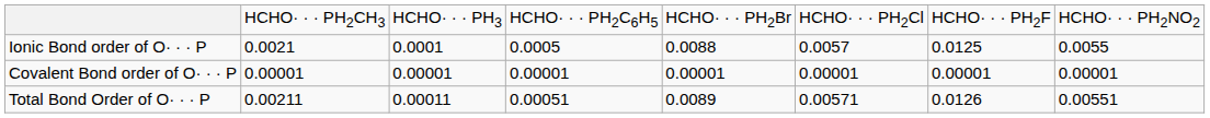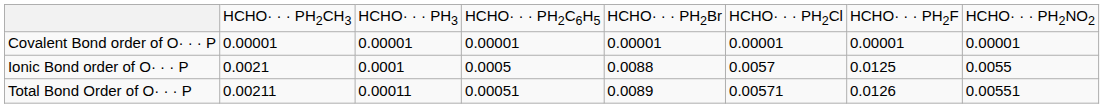 <table class="wikitable mw-collapsible">
 <tr>
 <th></th>
 <td>HCHO· · · PH<sub>2</sub>CH<sub>3</sub></td>
 <td>HCHO· · · PH<sub>3</sub></td>
 <td>HCHO· · ·  PH<sub>2</sub>C<sub>6</sub>H<sub>5</sub></td>
 <td>HCHO· · ·  PH<sub>2</sub>Br</td>
 <td>HCHO· · ·  PH<sub>2</sub>Cl</td>
 <td>HCHO· · ·  PH<sub>2</sub>F</td>
 <td>HCHO· · ·  PH<sub>2</sub>NO<sub>2</sub></td>
 </tr>
 <tr>
+<td>Covalent Bond order of O· · · P</td>
+<td>0.00001</td>
+<td>0.00001</td>
+<td>0.00001</td>
+<td>0.00001</td>
+<td>0.00001</td>
+<td>0.00001</td>
+<td>0.00001</td>
+</tr>
+<tr>
 <td>Ionic Bond order of O· · · P</td>
 <td>0.0021</td>
 <td>0.0001</td>
 <td>0.0005</td>
 <td>0.0088</td>
 <td>0.0057</td>
 <td>0.0125</td>
 <td>0.0055</td>
-</tr>
-<tr>
-<td>Covalent Bond order of O· · · P</td>
-<td>0.00001</td>
-<td>0.00001</td>
-<td>0.00001</td>
-<td>0.00001</td>
-<td>0.00001</td>
-<td>0.00001</td>
-<td>0.00001</td>
 </tr>
 <tr>
 <td>Total Bond Order of O· · · P</td>
 <td>0.00211</td>
 <td>0.00011</td>
 <td>0.00051</td>
 <td>0.0089</td>
 <td>0.00571</td>
 <td>0.0126</td>
 <td>0.00551</td>
 </tr>
 </table>
